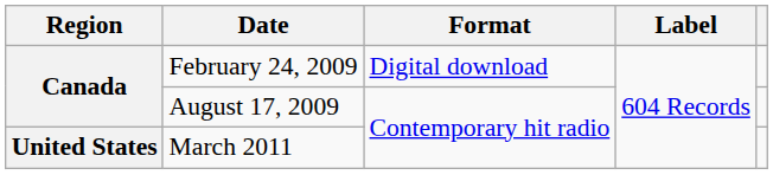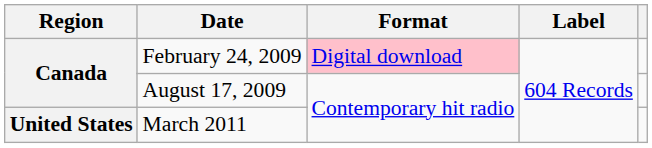 <table class="wikitable plainrowheaders">
 <tr>
 <th scope="col">Region</th>
 <th scope="col">Date</th>
 <th scope="col">Format</th>
 <th scope="col">Label</th>
 <th scope="col"></th>
 </tr>
 <tr>
 <th scope="row" rowspan="2">Canada</th>
 <td>February 24, 2009</td>
-<td><a href='#'>Digital download</a></td>
+<td style="background: pink;"><a href='#'>Digital download</a></td>
 <td rowspan="3"><a href='#'>604 Records</a></td>
 <td align="center"></td>
 </tr>
 <tr>
 <td>August 17, 2009</td>
 <td rowspan="2"><a href='#'>Contemporary hit radio</a></td>
 <td align="center"></td>
 </tr>
 <tr>
 <th scope="row">United States</th>
 <td>March 2011</td>
 <td align="center"></td>
 </tr>
 </table>
